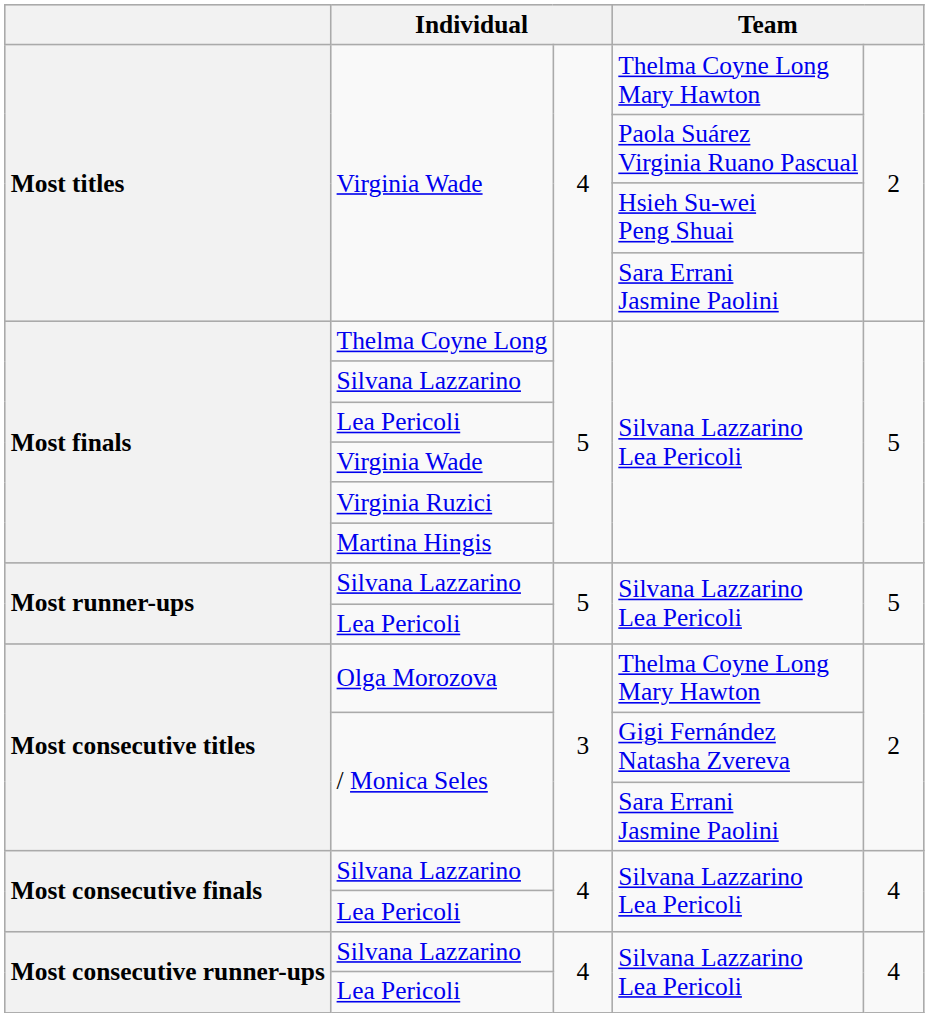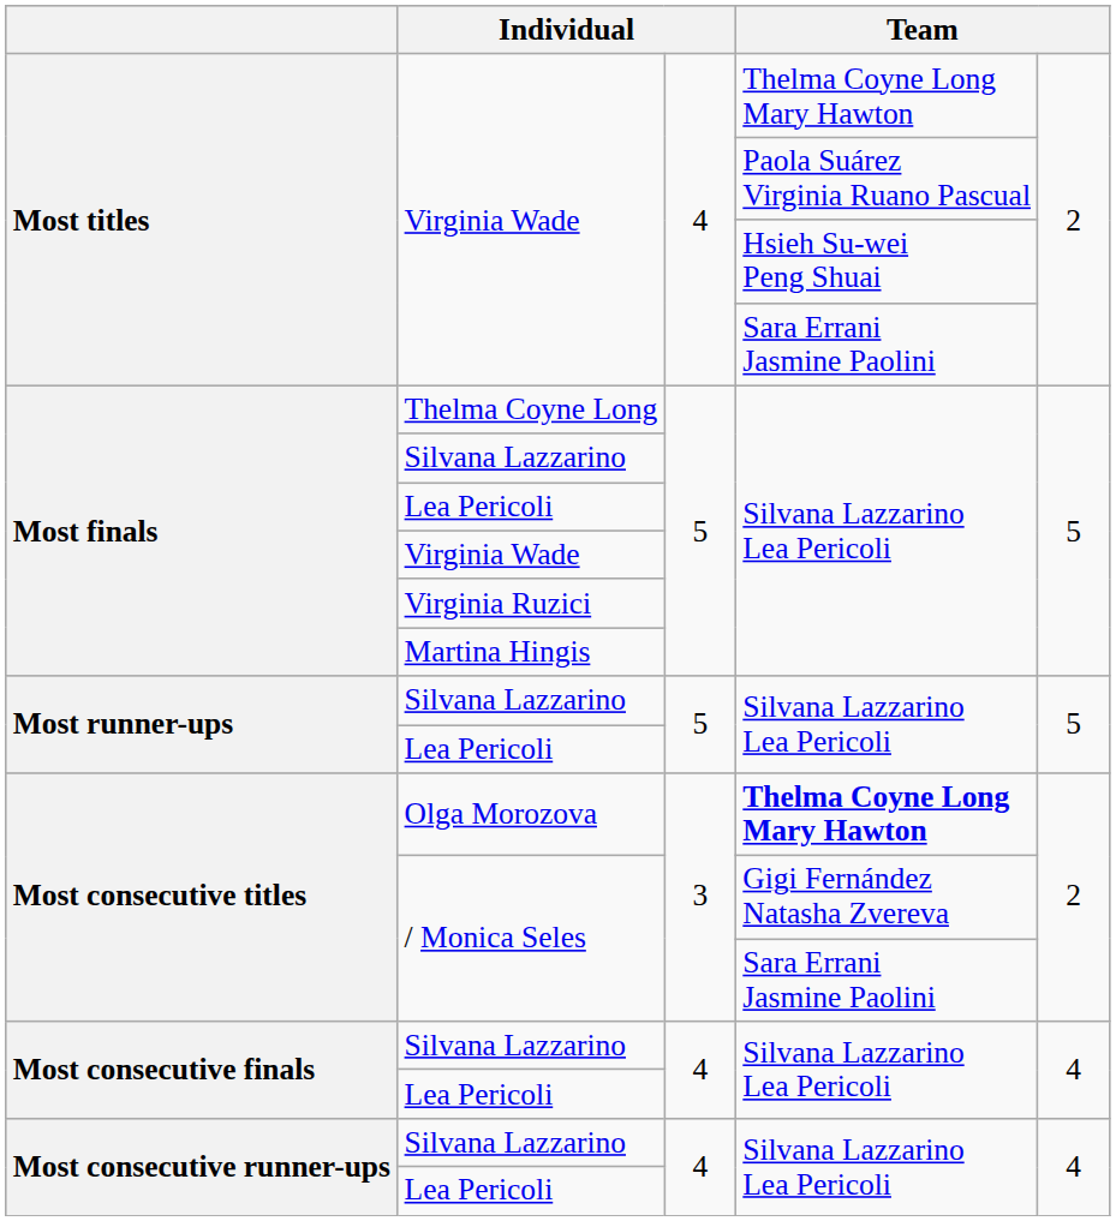 <table class=wikitable>
 <tr>
 <th></th>
 <th colspan = 2 style="text-align:center;">Individual</th>
 <th colspan = 2 style="text-align:center;">Team</th>
 </tr>
 <tr>
 <th rowspan = 4 style="text-align:left;">Most titles</th>
 <td rowspan = 4> <a href='#'>Virginia Wade</a></td>
 <td rowspan = 4 style="text-align:center; width: 30px;">4</td>
 <td> <a href='#'>Thelma Coyne Long</a><br> <a href='#'>Mary Hawton</a></td>
 <td rowspan = 4 style="text-align:center; width: 30px;">2</td>
 </tr>
 <tr>
 <td> <a href='#'>Paola Suárez</a><br> <a href='#'>Virginia Ruano Pascual</a></td>
 </tr>
 <tr>
 <td> <a href='#'>Hsieh Su-wei</a><br> <a href='#'>Peng Shuai</a></td>
 </tr>
 <tr>
 <td> <a href='#'>Sara Errani</a><br> <a href='#'>Jasmine Paolini</a></td>
 </tr>
 <tr>
 <th rowspan = 6 style="text-align:left;">Most finals</th>
 <td> <a href='#'>Thelma Coyne Long</a></td>
 <td rowspan = 6 style="text-align:center;">5</td>
 <td rowspan = 6> <a href='#'>Silvana Lazzarino</a><br> <a href='#'>Lea Pericoli</a></td>
 <td rowspan = 6 style="text-align:center;">5</td>
 </tr>
 <tr>
 <td> <a href='#'>Silvana Lazzarino</a></td>
 </tr>
 <tr>
 <td> <a href='#'>Lea Pericoli</a></td>
 </tr>
 <tr>
 <td> <a href='#'>Virginia Wade</a></td>
 </tr>
 <tr>
 <td> <a href='#'>Virginia Ruzici</a></td>
 </tr>
 <tr>
 <td> <a href='#'>Martina Hingis</a></td>
 </tr>
 <tr>
 <th rowspan = 2 style="text-align:left;">Most runner-ups</th>
 <td> <a href='#'>Silvana Lazzarino</a></td>
 <td rowspan = 2 style="text-align:center;">5</td>
 <td rowspan = 2> <a href='#'>Silvana Lazzarino</a><br> <a href='#'>Lea Pericoli</a></td>
 <td rowspan = 2 style="text-align:center;">5</td>
 </tr>
 <tr>
 <td> <a href='#'>Lea Pericoli</a></td>
 </tr>
 <tr>
 <th rowspan="3" style="text-align:left;">Most consecutive titles<br> </th>
 <td> <a href='#'>Olga Morozova</a><br></td>
 <td rowspan="3" style="text-align:center;">3</td>
-<td> <a href='#'>Thelma Coyne Long</a><br> <a href='#'>Mary Hawton</a><br></td>
+<td><strong> <a href='#'>Thelma Coyne Long</a><br> <a href='#'>Mary Hawton</a><br></strong></td>
 <td rowspan="3" style="text-align:center;">2</td>
 </tr>
 <tr>
 <td rowspan="2">/ <a href='#'>Monica Seles</a><br></td>
 <td> <a href='#'>Gigi Fernández</a><br> <a href='#'>Natasha Zvereva</a><br></td>
 </tr>
 <tr>
 <td> <a href='#'>Sara Errani</a><br> <a href='#'>Jasmine Paolini</a><br></td>
 </tr>
 <tr>
 <th rowspan = 2 style="text-align:left;">Most consecutive finals<br> </th>
 <td> <a href='#'>Silvana Lazzarino</a><br></td>
 <td rowspan = 2 style="text-align:center;">4</td>
 <td rowspan = 2> <a href='#'>Silvana Lazzarino</a><br> <a href='#'>Lea Pericoli</a><br></td>
 <td rowspan = 2 style="text-align:center;">4</td>
 </tr>
 <tr>
 <td> <a href='#'>Lea Pericoli</a><br></td>
 </tr>
 <tr>
 <th rowspan = 2 style="text-align:left;">Most consecutive runner-ups<br> </th>
 <td> <a href='#'>Silvana Lazzarino</a><br></td>
 <td rowspan = 2 style="text-align:center;">4</td>
 <td rowspan = 2> <a href='#'>Silvana Lazzarino</a><br> <a href='#'>Lea Pericoli</a><br></td>
 <td rowspan = 2 style="text-align:center;">4</td>
 </tr>
 <tr>
 <td> <a href='#'>Lea Pericoli</a><br></td>
 </tr>
 </table>
